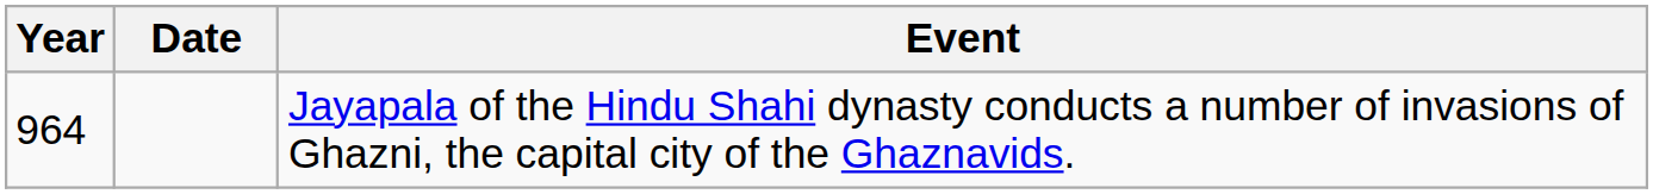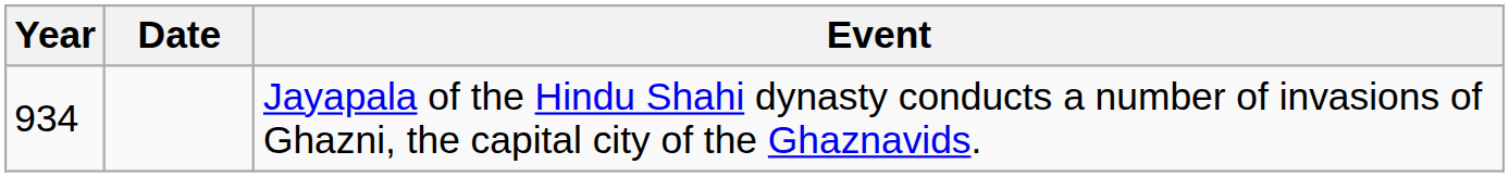 <table class="wikitable" width="100%">
 <tr>
 <th style="width:6%">Year</th>
 <th style="width:10%">Date</th>
 <th>Event</th>
 </tr>
 <tr>
-<td>964</td>
+<td>934</td>
 <td></td>
 <td><a href='#'>Jayapala</a> of the <a href='#'>Hindu Shahi</a> dynasty conducts a number of invasions of Ghazni, the capital city of the <a href='#'>Ghaznavids</a>.</td>
 </tr>
 </table>
